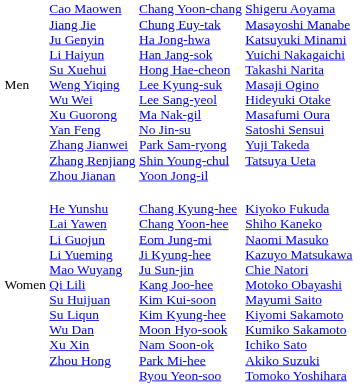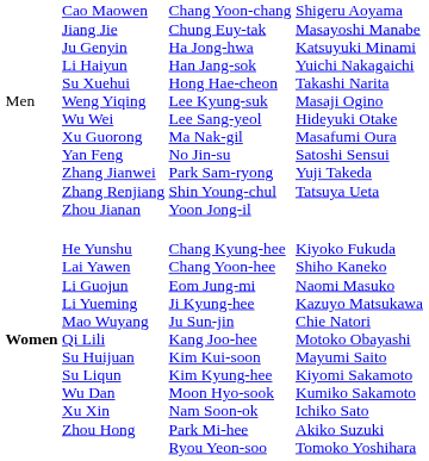 <table>
 <tr>
 <td>Men<br></td>
 <td><br><a href='#'>Cao Maowen</a><br><a href='#'>Jiang Jie</a><br><a href='#'>Ju Genyin</a><br><a href='#'>Li Haiyun</a><br><a href='#'>Su Xuehui</a><br><a href='#'>Weng Yiqing</a><br><a href='#'>Wu Wei</a><br><a href='#'>Xu Guorong</a><br><a href='#'>Yan Feng</a><br><a href='#'>Zhang Jianwei</a><br><a href='#'>Zhang Renjiang</a><br><a href='#'>Zhou Jianan</a></td>
 <td><br><a href='#'>Chang Yoon-chang</a><br><a href='#'>Chung Euy-tak</a><br><a href='#'>Ha Jong-hwa</a><br><a href='#'>Han Jang-sok</a><br><a href='#'>Hong Hae-cheon</a><br><a href='#'>Lee Kyung-suk</a><br><a href='#'>Lee Sang-yeol</a><br><a href='#'>Ma Nak-gil</a><br><a href='#'>No Jin-su</a><br><a href='#'>Park Sam-ryong</a><br><a href='#'>Shin Young-chul</a><br><a href='#'>Yoon Jong-il</a></td>
 <td valign=top><br><a href='#'>Shigeru Aoyama</a><br><a href='#'>Masayoshi Manabe</a><br><a href='#'>Katsuyuki Minami</a><br><a href='#'>Yuichi Nakagaichi</a><br><a href='#'>Takashi Narita</a><br><a href='#'>Masaji Ogino</a><br><a href='#'>Hideyuki Otake</a><br><a href='#'>Masafumi Oura</a><br><a href='#'>Satoshi Sensui</a><br><a href='#'>Yuji Takeda</a><br><a href='#'>Tatsuya Ueta</a></td>
 </tr>
 <tr>
-<td>Women<br></td>
+<td><strong>Women<br></strong></td>
 <td valign=top><br><a href='#'>He Yunshu</a><br><a href='#'>Lai Yawen</a><br><a href='#'>Li Guojun</a><br><a href='#'>Li Yueming</a><br><a href='#'>Mao Wuyang</a><br><a href='#'>Qi Lili</a><br><a href='#'>Su Huijuan</a><br><a href='#'>Su Liqun</a><br><a href='#'>Wu Dan</a><br><a href='#'>Xu Xin</a><br><a href='#'>Zhou Hong</a></td>
 <td><br><a href='#'>Chang Kyung-hee</a><br><a href='#'>Chang Yoon-hee</a><br><a href='#'>Eom Jung-mi</a><br><a href='#'>Ji Kyung-hee</a><br><a href='#'>Ju Sun-jin</a><br><a href='#'>Kang Joo-hee</a><br><a href='#'>Kim Kui-soon</a><br><a href='#'>Kim Kyung-hee</a><br><a href='#'>Moon Hyo-sook</a><br><a href='#'>Nam Soon-ok</a><br><a href='#'>Park Mi-hee</a><br><a href='#'>Ryou Yeon-soo</a></td>
 <td><br><a href='#'>Kiyoko Fukuda</a><br><a href='#'>Shiho Kaneko</a><br><a href='#'>Naomi Masuko</a><br><a href='#'>Kazuyo Matsukawa</a><br><a href='#'>Chie Natori</a><br><a href='#'>Motoko Obayashi</a><br><a href='#'>Mayumi Saito</a><br><a href='#'>Kiyomi Sakamoto</a><br><a href='#'>Kumiko Sakamoto</a><br><a href='#'>Ichiko Sato</a><br><a href='#'>Akiko Suzuki</a><br><a href='#'>Tomoko Yoshihara</a></td>
 </tr>
 </table>
